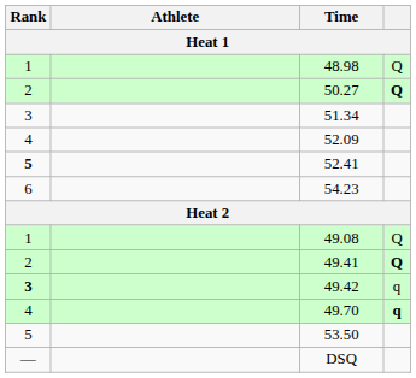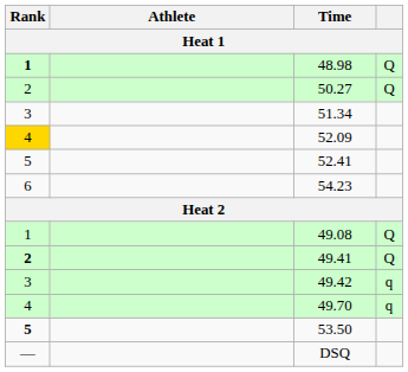 <table class=wikitable style="text-align:center">
 <tr>
 <th width=40>Rank</th>
 <th width=250>Athlete</th>
 <th width=80>Time</th>
 <th width=20></th>
 </tr>
 <tr>
 <th colspan=4>Heat 1</th>
 </tr>
 <tr bgcolor="ccffcc">
-<td>1</td>
+<td><strong>1</strong></td>
 <td align=left></td>
 <td>48.98</td>
 <td>Q</td>
 </tr>
 <tr bgcolor="ccffcc">
 <td>2</td>
 <td align=left></td>
 <td>50.27</td>
-<td><strong>Q</strong></td>
+<td>Q</td>
 </tr>
 <tr>
 <td>3</td>
 <td align=left></td>
 <td>51.34</td>
 <td></td>
 </tr>
 <tr>
-<td>4</td>
+<td style="background: gold;">4</td>
 <td align=left></td>
 <td>52.09</td>
 <td></td>
 </tr>
 <tr>
-<td><strong>5</strong></td>
+<td>5</td>
 <td align=left></td>
 <td>52.41</td>
 <td></td>
 </tr>
 <tr>
 <td>6</td>
 <td align=left></td>
 <td>54.23</td>
 <td></td>
 </tr>
 <tr>
 <th colspan=4>Heat 2</th>
 </tr>
 <tr bgcolor="ccffcc">
 <td>1</td>
 <td align=left></td>
 <td>49.08</td>
 <td>Q</td>
 </tr>
 <tr bgcolor="ccffcc">
-<td>2</td>
+<td><strong>2</strong></td>
 <td align=left></td>
 <td>49.41</td>
-<td><strong>Q</strong></td>
+<td>Q</td>
 </tr>
 <tr bgcolor="ccffcc">
-<td><strong>3</strong></td>
+<td>3</td>
 <td align=left></td>
 <td>49.42</td>
 <td>q</td>
 </tr>
 <tr bgcolor="ccffcc">
 <td>4</td>
 <td align=left></td>
 <td>49.70</td>
-<td><strong>q</strong></td>
+<td>q</td>
 </tr>
 <tr>
-<td>5</td>
+<td><strong>5</strong></td>
 <td align=left></td>
 <td>53.50</td>
 <td></td>
 </tr>
 <tr>
 <td>—</td>
 <td align=left></td>
 <td>DSQ</td>
 <td></td>
 </tr>
 </table>
